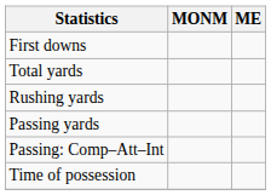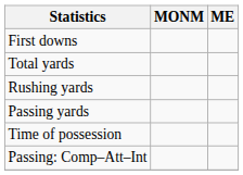 <table class="wikitable" style="float: left;">
 <tr>
 <th>Statistics</th>
 <th>MONM</th>
 <th>ME</th>
 </tr>
 <tr>
 <td>First downs</td>
 <td></td>
 <td></td>
 </tr>
 <tr>
 <td>Total yards</td>
 <td></td>
 <td></td>
 </tr>
 <tr>
 <td>Rushing yards</td>
 <td></td>
 <td></td>
 </tr>
 <tr>
 <td>Passing yards</td>
 <td></td>
 <td></td>
 </tr>
 <tr>
-<td>Passing: Comp–Att–Int</td>
+<td>Time of possession</td>
 <td></td>
 <td></td>
 </tr>
 <tr>
-<td>Time of possession</td>
+<td>Passing: Comp–Att–Int</td>
 <td></td>
 <td></td>
 </tr>
 <tr>
 </tr>
 </table>
